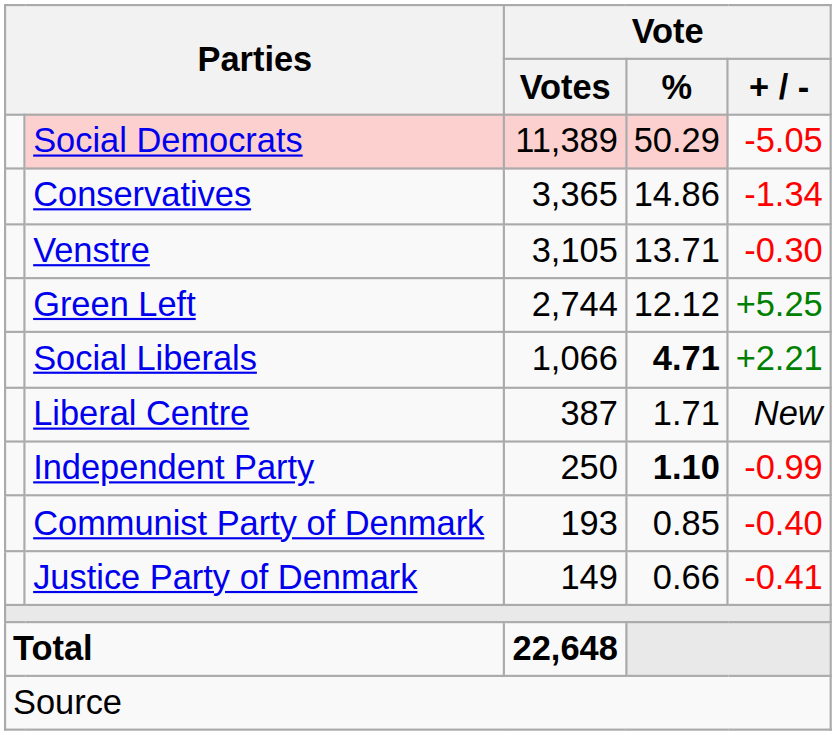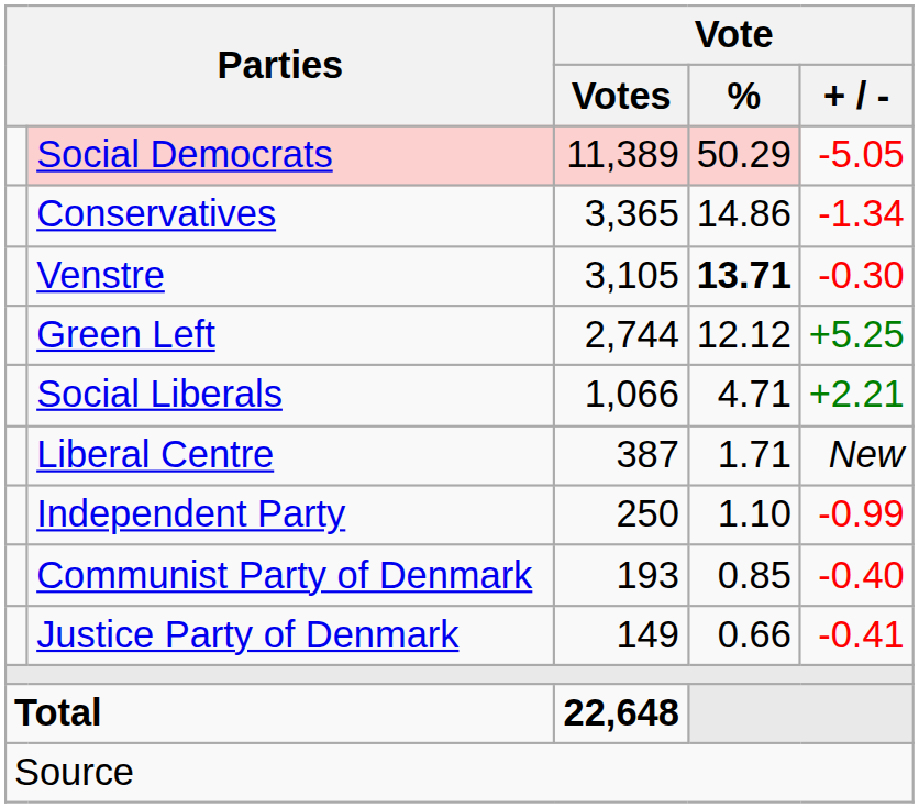 <table class="wikitable" style="text-align:right;">
 <tr>
 <th style="text-align:centre;" rowspan="2" colspan="2" width="225">Parties</th>
 <th colspan="3">Vote</th>
 </tr>
 <tr>
 <th width="15">Votes</th>
 <th width="15">%</th>
 <th width="15">+ / -</th>
 </tr>
 <tr>
 <td width="2" style="color:inherit;background:"></td>
 <td bgcolor=#fbd0ce  align="left"><a href='#'>Social Democrats</a></td>
 <td bgcolor=#fbd0ce>11,389</td>
 <td bgcolor=#fbd0ce>50.29</td>
 <td style=color:red;>-5.05</td>
 </tr>
 <tr>
 <td width="2" style="color:inherit;background:"></td>
 <td align="left"><a href='#'>Conservatives</a></td>
 <td>3,365</td>
 <td>14.86</td>
 <td style=color:red;>-1.34</td>
 </tr>
 <tr>
 <td width="2" style="color:inherit;background:"></td>
 <td align="left"><a href='#'>Venstre</a></td>
 <td>3,105</td>
-<td>13.71</td>
+<td><strong>13.71</strong></td>
 <td style=color:red;>-0.30</td>
 </tr>
 <tr>
 <td width="2" style="color:inherit;background:"></td>
 <td align="left"><a href='#'>Green Left</a></td>
 <td>2,744</td>
 <td>12.12</td>
 <td style=color:green;>+5.25</td>
 </tr>
 <tr>
 <td width="2" style="color:inherit;background:"></td>
 <td align="left"><a href='#'>Social Liberals</a></td>
 <td>1,066</td>
-<td><strong>4.71</strong></td>
+<td>4.71</td>
 <td style=color:green;>+2.21</td>
 </tr>
 <tr>
 <td width="2" style="color:inherit;background:"></td>
 <td align="left"><a href='#'>Liberal Centre</a></td>
 <td>387</td>
 <td>1.71</td>
 <td><em>New</em></td>
 </tr>
 <tr>
 <td width="2" style="color:inherit;background:"></td>
 <td align="left"><a href='#'>Independent Party</a></td>
 <td>250</td>
-<td><strong>1.10</strong></td>
+<td>1.10</td>
 <td style=color:red;>-0.99</td>
 </tr>
 <tr>
 <td width="2" style="color:inherit;background:"></td>
 <td align="left"><a href='#'>Communist Party of Denmark</a></td>
 <td>193</td>
 <td>0.85</td>
 <td style=color:red;>-0.40</td>
 </tr>
 <tr>
 <td width="2" style="color:inherit;background:"></td>
 <td align="left"><a href='#'>Justice Party of Denmark</a></td>
 <td>149</td>
 <td>0.66</td>
 <td style=color:red;>-0.41</td>
 </tr>
 <tr>
 <td colspan="7" bgcolor="#E9E9E9"></td>
 </tr>
 <tr>
 <td align="left" colspan="2"><strong>Total</strong></td>
 <td><strong>22,648</strong></td>
 <td bgcolor="#E9E9E9" colspan="2"></td>
 </tr>
 <tr>
 <td align="left" colspan="6">Source</td>
 </tr>
 </table>
